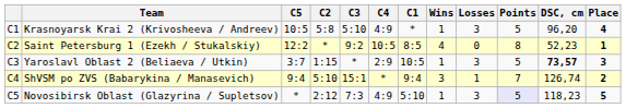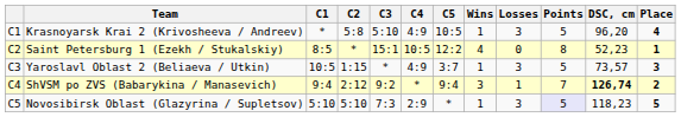 <table class="wikitable" style="text-align:center;">
 <tr>
 <th></th>
 <th>Team</th>
-<th width="25">C5</th>
+<th width="25">C1</th>
 <th width="25">C2</th>
 <th width="25">C3</th>
 <th width="25">C4</th>
-<th width="25">C1</th>
+<th width="25">C5</th>
 <th>Wins</th>
 <th>Losses</th>
 <th>Points</th>
 <th>DSC, cm</th>
 <th>Place</th>
 </tr>
 <tr>
 <td>C1</td>
 <td align=left>Krasnoyarsk Krai 2 (Krivosheeva / Andreev)</td>
-<td>10:5</td>
+<td>*</td>
 <td>5:8</td>
 <td>5:10</td>
 <td>4:9</td>
-<td>*</td>
+<td>10:5</td>
 <td>1</td>
 <td>3</td>
 <td>5</td>
 <td>96,20</td>
 <td><strong>4</strong></td>
 </tr>
 <tr bgcolor=#ffc>
 <td>C2</td>
 <td align=left>Saint Petersburg 1 (Ezekh / Stukalskiy)</td>
+<td>8:5</td>
+<td>*</td>
+<td>15:1</td>
+<td>10:5</td>
 <td>12:2</td>
-<td>*</td>
-<td>9:2</td>
-<td>10:5</td>
-<td>8:5</td>
 <td>4</td>
 <td>0</td>
 <td>8</td>
 <td>52,23</td>
 <td><strong>1</strong></td>
 </tr>
 <tr>
 <td>C3</td>
 <td align=left>Yaroslavl Oblast 2 (Beliaeva / Utkin)</td>
-<td>3:7</td>
+<td>10:5</td>
 <td>1:15</td>
 <td>*</td>
-<td>2:9</td>
-<td>10:5</td>
+<td>4:9</td>
+<td>3:7</td>
 <td>1</td>
 <td>3</td>
 <td>5</td>
-<td><strong>73,57</strong></td>
+<td>73,57</td>
 <td><strong>3</strong></td>
 </tr>
 <tr bgcolor=#ffc>
 <td>C4</td>
 <td align=left>ShVSM po ZVS (Babarykina / Manasevich)</td>
 <td>9:4</td>
-<td>5:10</td>
-<td>15:1</td>
+<td>2:12</td>
+<td>9:2</td>
 <td>*</td>
 <td>9:4</td>
 <td>3</td>
 <td>1</td>
 <td>7</td>
-<td>126,74</td>
+<td><strong>126,74</strong></td>
 <td><strong>2</strong></td>
 </tr>
 <tr>
 <td>C5</td>
 <td align=left>Novosibirsk Oblast (Glazyrina / Supletsov)</td>
+<td>5:10</td>
+<td>5:10</td>
+<td>7:3</td>
+<td>2:9</td>
 <td>*</td>
-<td>2:12</td>
-<td>7:3</td>
-<td>4:9</td>
-<td>5:10</td>
 <td>1</td>
 <td>3</td>
 <td style="background: lavender;">5</td>
 <td>118,23</td>
 <td><strong>5</strong></td>
 </tr>
 </table>
